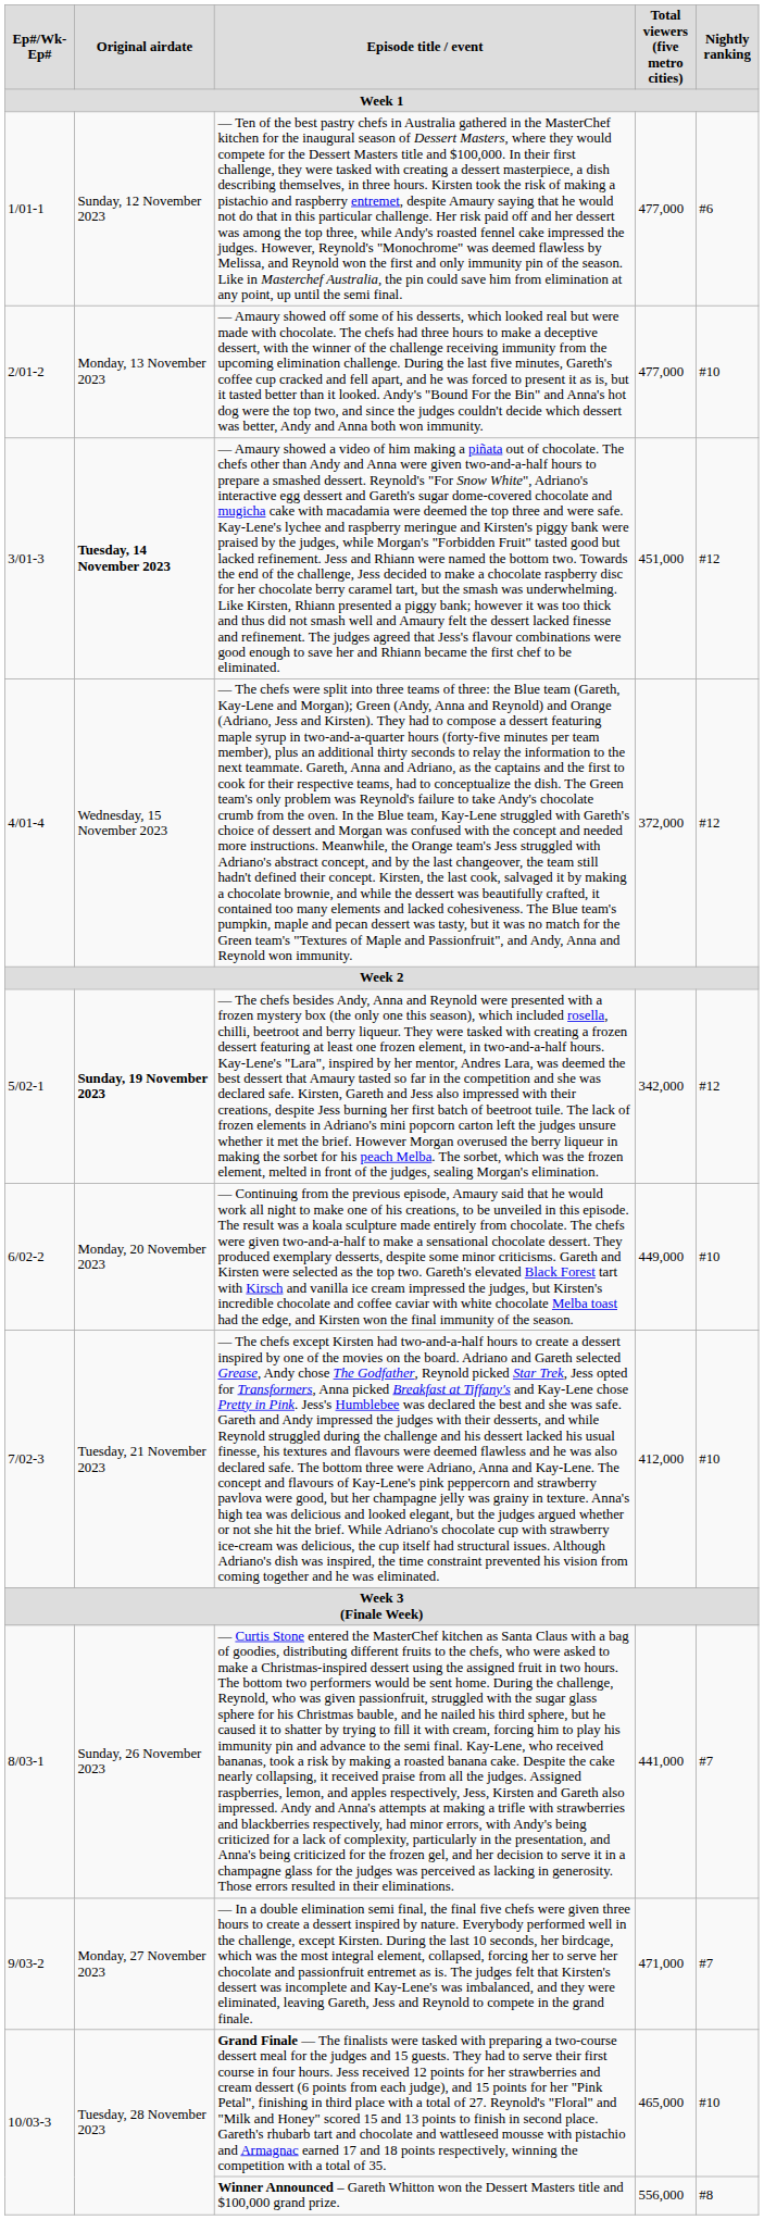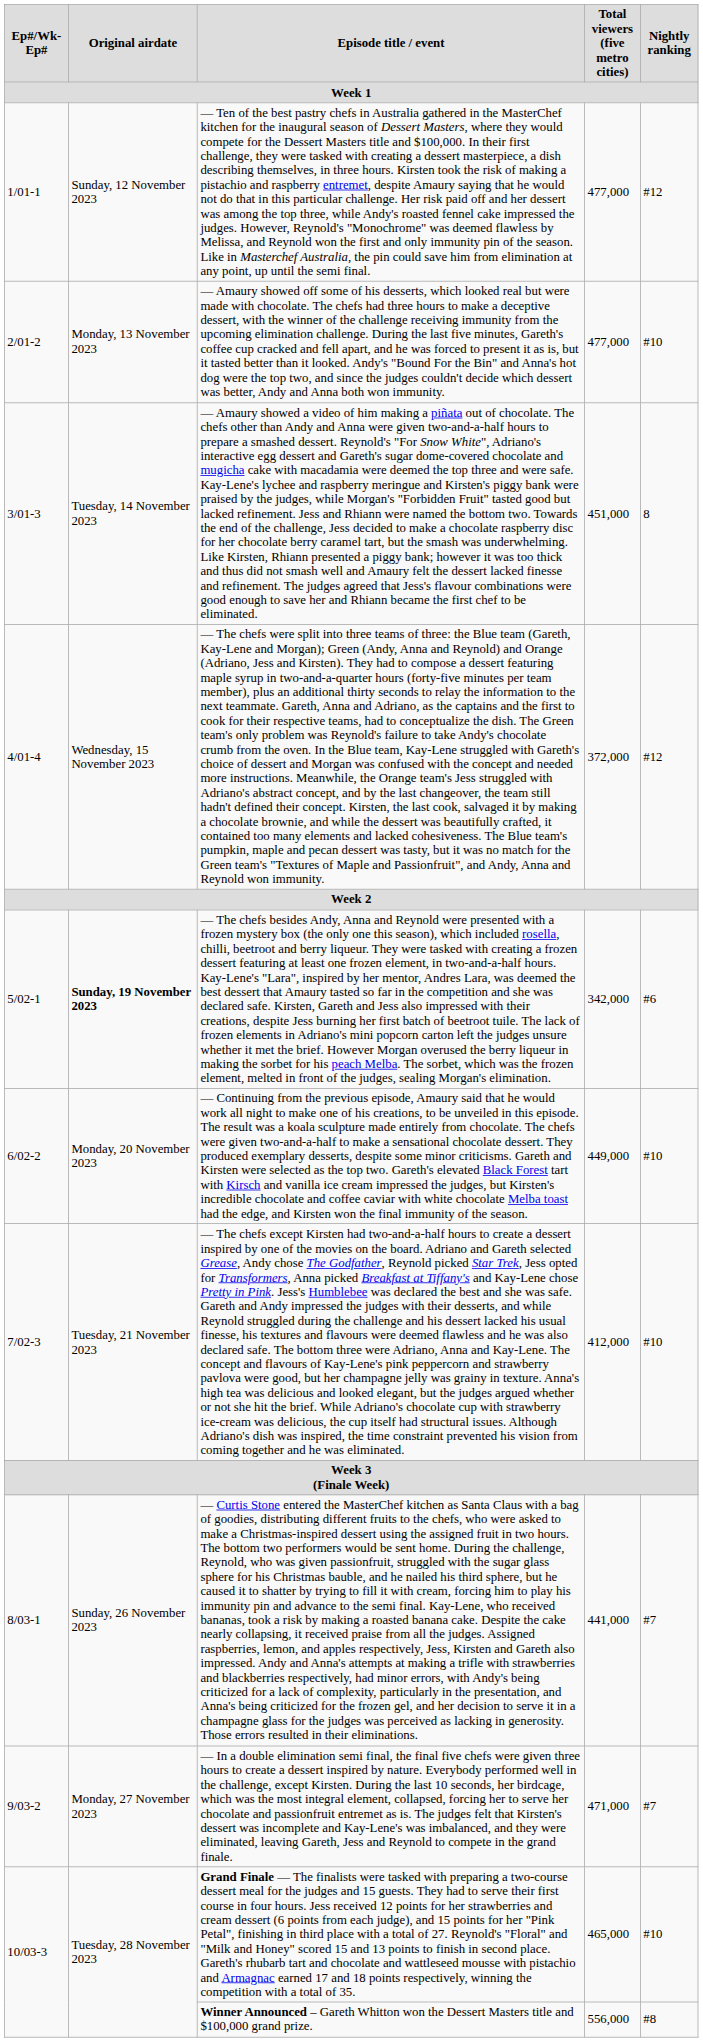 <table class="wikitable sortable">
 <tr>
 <th style="background:#ddd; width:5%;">Ep#/Wk-Ep#</th>
 <th style="background:#ddd; width:15%;">Original airdate</th>
 <th style="background:#ddd; width:45%;">Episode title / event</th>
 <th style="background:#ddd; width:5%;">Total viewers (five metro cities)</th>
 <th style="background:#ddd; width:5%;">Nightly ranking</th>
 </tr>
 <tr>
 <th colspan="5" style="background:#ddd;">Week 1</th>
 </tr>
 <tr>
 <td style="height:10px;">1/01-1</td>
 <td>Sunday, 12 November 2023</td>
 <td><strong></strong> — Ten of the best pastry chefs in Australia gathered in the MasterChef kitchen for the inaugural season of <em>Dessert Masters</em>, where they would compete for the Dessert Masters title and $100,000. In their first challenge, they were tasked with creating a dessert masterpiece, a dish describing themselves, in three hours. Kirsten took the risk of making a pistachio and raspberry <a href='#'>entremet</a>, despite Amaury saying that he would not do that in this particular challenge. Her risk paid off and her dessert was among the top three, while Andy's roasted fennel cake impressed the judges. However, Reynold's "Monochrome" was deemed flawless by Melissa, and Reynold won the first and only immunity pin of the season. Like in <em>Masterchef Australia</em>, the pin could save him from elimination at any point, up until the semi final.</td>
 <td>477,000</td>
-<td>#6</td>
+<td>#12</td>
 </tr>
 <tr>
 <td style="height:10px;">2/01-2</td>
 <td>Monday, 13 November 2023</td>
 <td><strong></strong> — Amaury showed off some of his desserts, which looked real but were made with chocolate. The chefs had three hours to make a deceptive dessert, with the winner of the challenge receiving immunity from the upcoming elimination challenge. During the last five minutes, Gareth's coffee cup cracked and fell apart, and he was forced to present it as is, but it tasted better than it looked. Andy's "Bound For the Bin" and Anna's hot dog were the top two, and since the judges couldn't decide which dessert was better, Andy and Anna both won immunity.</td>
 <td>477,000</td>
 <td>#10</td>
 </tr>
 <tr>
 <td style="height:10px;">3/01-3</td>
-<td><strong>Tuesday, 14 November 2023</strong></td>
+<td>Tuesday, 14 November 2023</td>
 <td><strong></strong> — Amaury showed a video of him making a <a href='#'>piñata</a> out of chocolate. The chefs other than Andy and Anna were given two-and-a-half hours to prepare a smashed dessert. Reynold's "For <em>Snow White</em>", Adriano's interactive egg dessert and Gareth's sugar dome-covered chocolate and <a href='#'>mugicha</a> cake with macadamia were deemed the top three and were safe. Kay-Lene's lychee and raspberry meringue and Kirsten's piggy bank were praised by the judges, while Morgan's "Forbidden Fruit" tasted good but lacked refinement. Jess and Rhiann were named the bottom two. Towards the end of the challenge, Jess decided to make a chocolate raspberry disc for her chocolate berry caramel tart, but the smash was underwhelming. Like Kirsten, Rhiann presented a piggy bank; however it was too thick and thus did not smash well and Amaury felt the dessert lacked finesse and refinement. The judges agreed that Jess's flavour combinations were good enough to save her and Rhiann became the first chef to be eliminated.</td>
 <td>451,000</td>
-<td>#12</td>
+<td>8</td>
 </tr>
 <tr>
 <td style="height:10px;">4/01-4</td>
 <td>Wednesday, 15 November 2023</td>
 <td><strong></strong> — The chefs were split into three teams of three: the Blue team (Gareth, Kay-Lene and Morgan); Green (Andy, Anna and Reynold) and Orange (Adriano, Jess and Kirsten). They had to compose a dessert featuring maple syrup in two-and-a-quarter hours (forty-five minutes per team member), plus an additional thirty seconds to relay the information to the next teammate. Gareth, Anna and Adriano, as the captains and the first to cook for their respective teams, had to conceptualize the dish. The Green team's only problem was Reynold's failure to take Andy's chocolate crumb from the oven. In the Blue team, Kay-Lene struggled with Gareth's choice of dessert and Morgan was confused with the concept and needed more instructions. Meanwhile, the Orange team's Jess struggled with Adriano's abstract concept, and by the last changeover, the team still hadn't defined their concept. Kirsten, the last cook, salvaged it by making a chocolate brownie, and while the dessert was beautifully crafted, it contained too many elements and lacked cohesiveness. The Blue team's pumpkin, maple and pecan dessert was tasty, but it was no match for the Green team's "Textures of Maple and Passionfruit", and Andy, Anna and Reynold won immunity.</td>
 <td>372,000</td>
 <td>#12</td>
 </tr>
 <tr>
 <th colspan="5" style="background:#ddd;">Week 2</th>
 </tr>
 <tr>
 <td style="height:10px;">5/02-1</td>
 <td><strong>Sunday, 19 November 2023</strong></td>
 <td><strong></strong> — The chefs besides Andy, Anna and Reynold were presented with a frozen mystery box (the only one this season), which included <a href='#'>rosella</a>, chilli, beetroot and berry liqueur. They were tasked with creating a frozen dessert featuring at least one frozen element, in two-and-a-half hours. Kay-Lene's "Lara", inspired by her mentor, Andres Lara, was deemed the best dessert that Amaury tasted so far in the competition and she was declared safe. Kirsten, Gareth and Jess also impressed with their creations, despite Jess burning her first batch of beetroot tuile. The lack of frozen elements in Adriano's mini popcorn carton left the judges unsure whether it met the brief. However Morgan overused the berry liqueur in making the sorbet for his <a href='#'>peach Melba</a>. The sorbet, which was the frozen element, melted in front of the judges, sealing Morgan's elimination.</td>
 <td>342,000</td>
-<td>#12</td>
+<td>#6</td>
 </tr>
 <tr>
 <td style="height:10px;">6/02-2</td>
 <td>Monday, 20 November 2023</td>
 <td><strong></strong> — Continuing from the previous episode, Amaury said that he would work all night to make one of his creations, to be unveiled in this episode. The result was a koala sculpture made entirely from chocolate. The chefs were given two-and-a-half to make a sensational chocolate dessert. They produced exemplary desserts, despite some minor criticisms. Gareth and Kirsten were selected as the top two. Gareth's elevated <a href='#'>Black Forest</a> tart with <a href='#'>Kirsch</a> and vanilla ice cream impressed the judges, but Kirsten's incredible chocolate and coffee caviar with white chocolate <a href='#'>Melba toast</a> had the edge, and Kirsten won the final immunity of the season.</td>
 <td>449,000</td>
 <td>#10</td>
 </tr>
 <tr>
 <td style="height:10px;">7/02-3</td>
 <td>Tuesday, 21 November 2023</td>
 <td><strong></strong> — The chefs except Kirsten had two-and-a-half hours to create a dessert inspired by one of the movies on the board. Adriano and Gareth selected <em><a href='#'>Grease</a></em>, Andy chose <em><a href='#'>The Godfather</a></em>, Reynold picked <em><a href='#'>Star Trek</a></em>, Jess opted for <em><a href='#'>Transformers</a></em>, Anna picked <em><a href='#'>Breakfast at Tiffany's</a></em> and Kay-Lene chose <em><a href='#'>Pretty in Pink</a></em>. Jess's <a href='#'>Humblebee</a> was declared the best and she was safe. Gareth and Andy impressed the judges with their desserts, and while Reynold struggled during the challenge and his dessert lacked his usual finesse, his textures and flavours were deemed flawless and he was also declared safe. The bottom three were Adriano, Anna and Kay-Lene. The concept and flavours of Kay-Lene's pink peppercorn and strawberry pavlova were good, but her champagne jelly was grainy in texture. Anna's high tea was delicious and looked elegant, but the judges argued whether or not she hit the brief. While Adriano's chocolate cup with strawberry ice-cream was delicious, the cup itself had structural issues. Although Adriano's dish was inspired, the time constraint prevented his vision from coming together and he was eliminated.</td>
 <td>412,000</td>
 <td>#10</td>
 </tr>
 <tr>
 <th colspan="5" style="background:#ddd;">Week 3<br>(Finale Week)</th>
 </tr>
 <tr>
 <td style="height:10px;">8/03-1</td>
 <td>Sunday, 26 November 2023</td>
 <td><strong></strong> — <a href='#'>Curtis Stone</a> entered the MasterChef kitchen as Santa Claus with a bag of goodies, distributing different fruits to the chefs, who were asked to make a Christmas-inspired dessert using the assigned fruit in two hours. The bottom two performers would be sent home. During the challenge, Reynold, who was given passionfruit, struggled with the sugar glass sphere for his Christmas bauble, and he nailed his third sphere, but he caused it to shatter by trying to fill it with cream, forcing him to play his immunity pin and advance to the semi final. Kay-Lene, who received bananas, took a risk by making a roasted banana cake. Despite the cake nearly collapsing, it received praise from all the judges. Assigned raspberries, lemon, and apples respectively, Jess, Kirsten and Gareth also impressed. Andy and Anna's attempts at making a trifle with strawberries and blackberries respectively, had minor errors, with Andy's being criticized for a lack of complexity, particularly in the presentation, and Anna's being criticized for the frozen gel, and her decision to serve it in a champagne glass for the judges was perceived as lacking in generosity. Those errors resulted in their eliminations.</td>
 <td>441,000</td>
 <td>#7</td>
 </tr>
 <tr>
 <td style="height:10px;">9/03-2</td>
 <td>Monday, 27 November 2023</td>
 <td><strong></strong> — In a double elimination semi final, the final five chefs were given three hours to create a dessert inspired by nature. Everybody performed well in the challenge, except Kirsten. During the last 10 seconds, her birdcage, which was the most integral element, collapsed, forcing her to serve her chocolate and passionfruit entremet as is. The judges felt that Kirsten's dessert was incomplete and Kay-Lene's was imbalanced, and they were eliminated, leaving Gareth, Jess and Reynold to compete in the grand finale.</td>
 <td>471,000</td>
 <td>#7</td>
 </tr>
 <tr>
 <td rowspan=2 style="height:10px;">10/03-3</td>
 <td rowspan=2>Tuesday, 28 November 2023</td>
 <td><strong>Grand Finale</strong> — The finalists were tasked with preparing a two-course dessert meal for the judges and 15 guests. They had to serve their first course in four hours. Jess received 12 points for her strawberries and cream dessert (6 points from each judge), and 15 points for her "Pink Petal", finishing in third place with a total of 27. Reynold's "Floral" and "Milk and Honey" scored 15 and 13 points to finish in second place. Gareth's rhubarb tart and chocolate and wattleseed mousse with pistachio and <a href='#'>Armagnac</a> earned 17 and 18 points respectively, winning the competition with a total of 35.</td>
 <td>465,000</td>
 <td>#10</td>
 </tr>
 <tr>
 <td><strong>Winner Announced</strong> – Gareth Whitton won the Dessert Masters title and $100,000 grand prize.</td>
 <td>556,000</td>
 <td>#8</td>
 </tr>
 </table>
